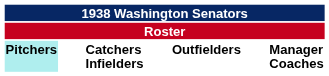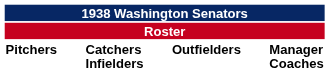 <table class="toccolours" style="font-size: 95%;">
 <tr>
 <th colspan="10" style="background-color: #072764; color: white; text-align: center;">1938 Washington Senators</th>
 </tr>
 <tr>
 <td colspan="10" style="background-color: #c6011f; color: white; text-align: center;"><strong>Roster</strong></td>
 </tr>
 <tr>
-<td valign="top" style="background: paleturquoise;"><strong>Pitchers</strong><br>           </td>
+<td valign="top"><strong>Pitchers</strong><br>           </td>
 <td width="25px"></td>
 <td valign="top"><strong>Catchers</strong><br>   <strong>Infielders</strong>      </td>
 <td width="25px"></td>
 <td valign="top"><strong>Outfielders</strong><br>      </td>
 <td width="25px"></td>
 <td valign="top"><strong>Manager</strong><br> <strong>Coaches</strong>  </td>
 </tr>
 <tr>
 </tr>
 </table>
